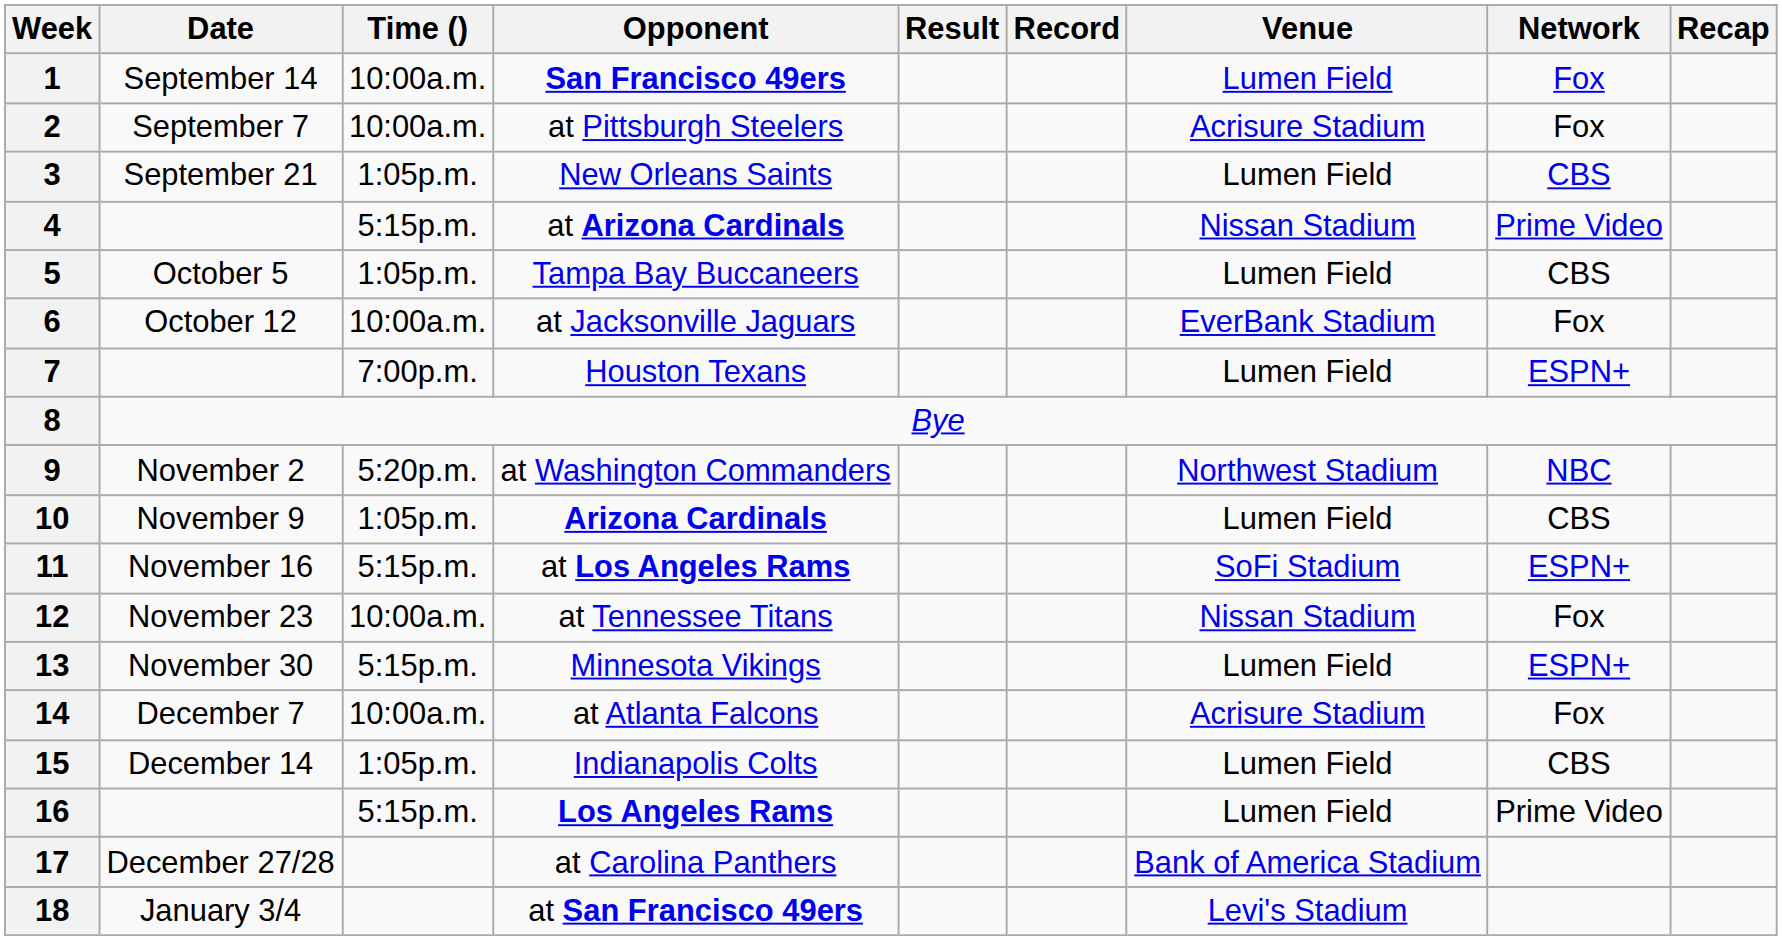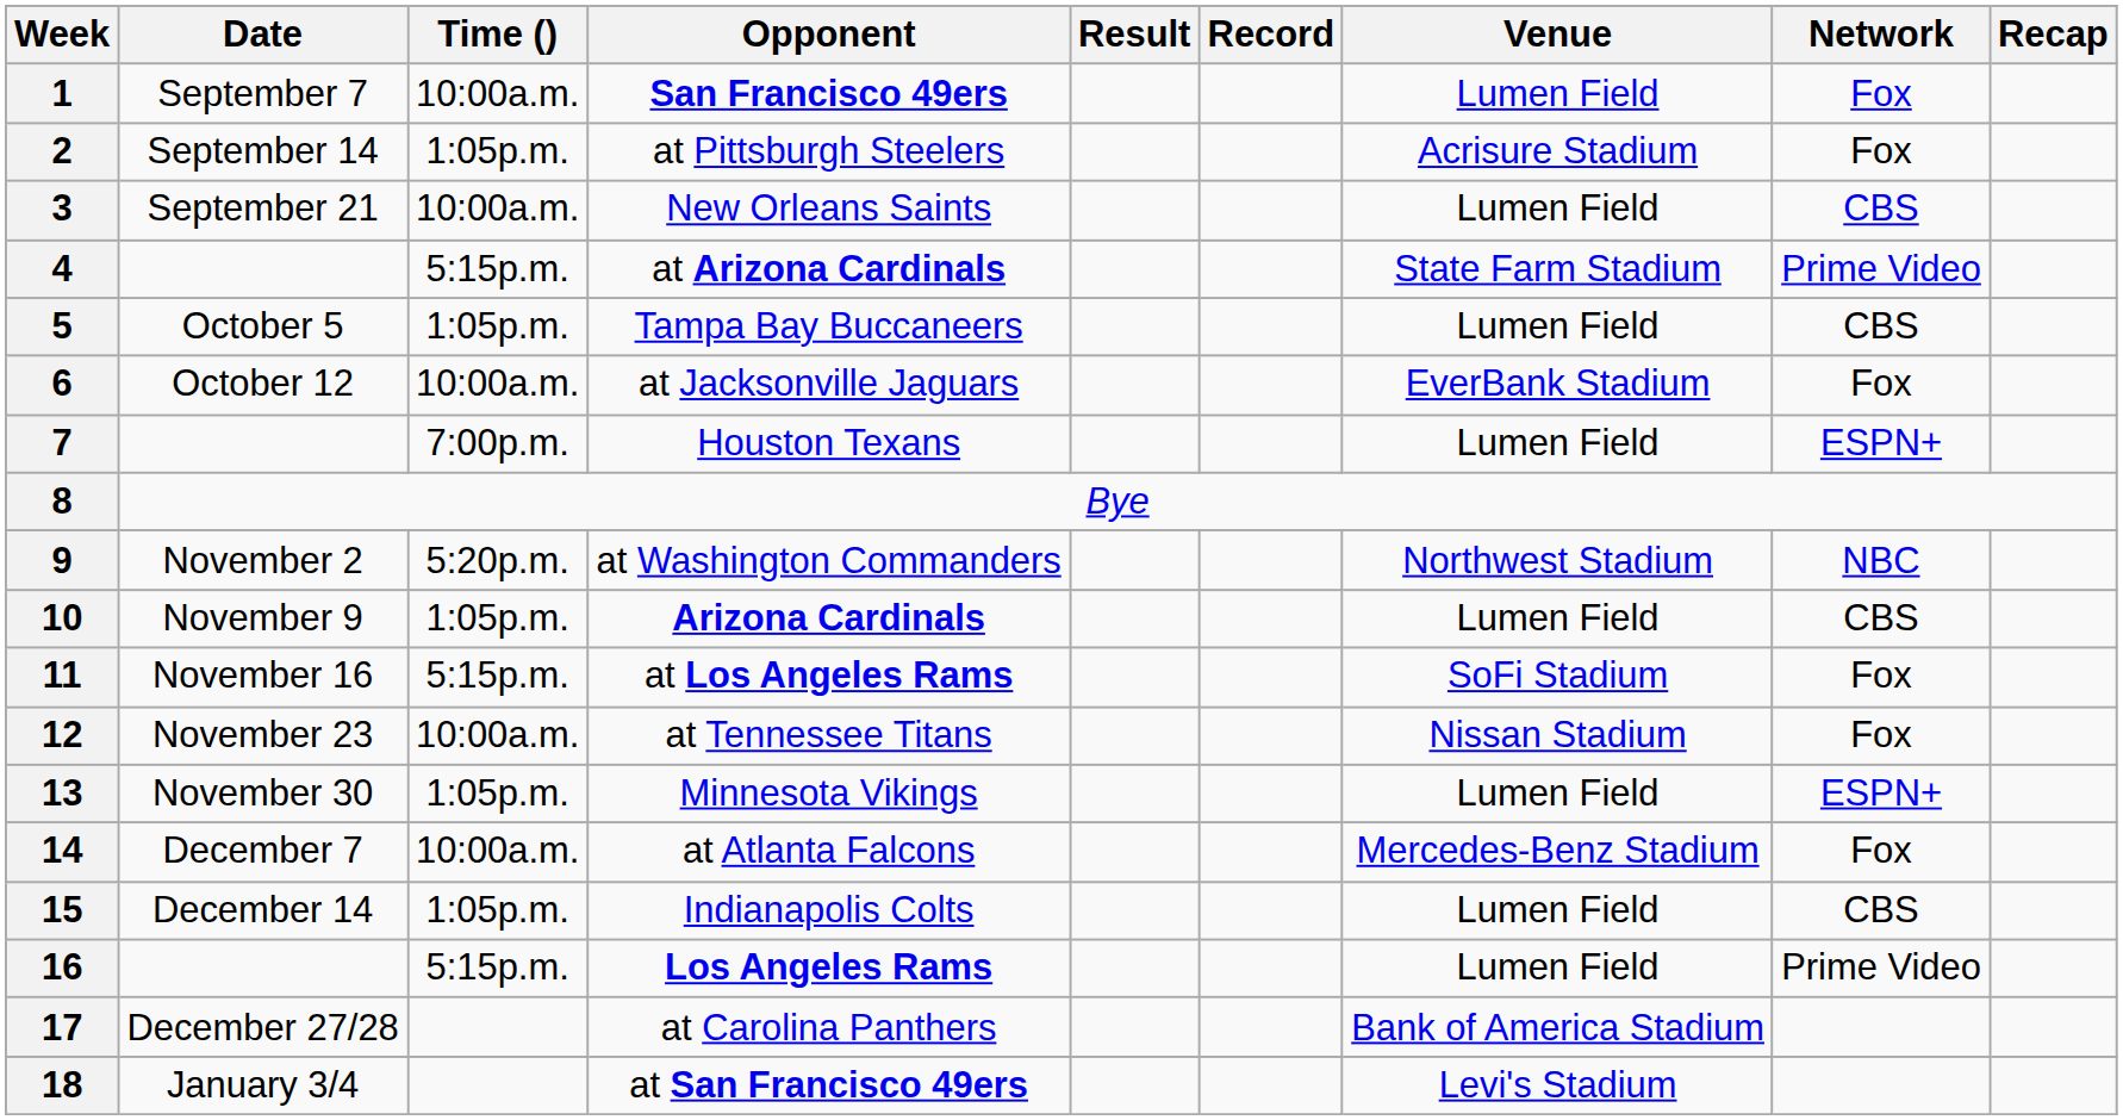 <table class="wikitable" style="text-align:center">
 <tr>
 <th>Week</th>
 <th>Date</th>
 <th>Time (<a href='#'></a>)</th>
 <th>Opponent</th>
 <th>Result</th>
 <th>Record</th>
 <th>Venue</th>
 <th>Network</th>
 <th>Recap</th>
 </tr>
 <tr>
 <th>1 </th>
-<td>September 14</td>
+<td>September 7</td>
 <td>10:00a.m.</td>
 <td><strong><a href='#'>San Francisco 49ers</a></strong></td>
 <td></td>
 <td></td>
 <td><a href='#'>Lumen Field</a></td>
 <td><a href='#'>Fox</a></td>
 <td></td>
 </tr>
 <tr>
 <th>2 </th>
-<td>September 7</td>
-<td>10:00a.m.</td>
+<td>September 14</td>
+<td>1:05p.m.</td>
 <td>at <a href='#'>Pittsburgh Steelers</a></td>
 <td></td>
 <td></td>
 <td><a href='#'>Acrisure Stadium</a></td>
 <td>Fox</td>
 <td></td>
 </tr>
 <tr>
 <th>3 </th>
 <td>September 21</td>
-<td>1:05p.m.</td>
+<td>10:00a.m.</td>
 <td><a href='#'>New Orleans Saints</a></td>
 <td></td>
 <td></td>
 <td>Lumen Field</td>
 <td><a href='#'>CBS</a></td>
 <td></td>
 </tr>
 <tr>
 <th>4 </th>
 <td></td>
 <td>5:15p.m.</td>
 <td>at <strong><a href='#'>Arizona Cardinals</a></strong></td>
 <td></td>
 <td></td>
-<td><a href='#'>Nissan Stadium</a></td>
+<td><a href='#'>State Farm Stadium</a></td>
 <td><a href='#'>Prime Video</a></td>
 <td></td>
 </tr>
 <tr>
 <th>5 </th>
 <td>October 5</td>
 <td>1:05p.m.</td>
 <td><a href='#'>Tampa Bay Buccaneers</a></td>
 <td></td>
 <td></td>
 <td>Lumen Field</td>
 <td>CBS</td>
 <td></td>
 </tr>
 <tr>
 <th>6 </th>
 <td>October 12</td>
 <td>10:00a.m.</td>
 <td>at <a href='#'>Jacksonville Jaguars</a></td>
 <td></td>
 <td></td>
 <td><a href='#'>EverBank Stadium</a></td>
 <td>Fox</td>
 <td></td>
 </tr>
 <tr>
 <th>7 </th>
 <td></td>
 <td>7:00p.m.</td>
 <td><a href='#'>Houston Texans</a></td>
 <td></td>
 <td></td>
 <td>Lumen Field</td>
 <td><a href='#'>ESPN+</a></td>
 <td></td>
 </tr>
 <tr>
 <th>8</th>
 <td colspan=8><em><a href='#'>Bye</a></em></td>
 </tr>
 <tr>
 <th>9 </th>
 <td>November 2</td>
 <td>5:20p.m.</td>
 <td>at <a href='#'>Washington Commanders</a></td>
 <td></td>
 <td></td>
 <td><a href='#'>Northwest Stadium</a></td>
 <td><a href='#'>NBC</a></td>
 <td></td>
 </tr>
 <tr>
 <th>10 </th>
 <td>November 9</td>
 <td>1:05p.m.</td>
 <td><strong><a href='#'>Arizona Cardinals</a></strong></td>
 <td></td>
 <td></td>
 <td>Lumen Field</td>
 <td>CBS</td>
 <td></td>
 </tr>
 <tr>
 <th>11 </th>
 <td>November 16</td>
 <td>5:15p.m.</td>
 <td>at <strong><a href='#'>Los Angeles Rams</a></strong></td>
 <td></td>
 <td></td>
 <td><a href='#'>SoFi Stadium</a></td>
-<td><a href='#'>ESPN+</a></td>
+<td>Fox</td>
 <td></td>
 </tr>
 <tr>
 <th>12 </th>
 <td>November 23</td>
 <td>10:00a.m.</td>
 <td>at <a href='#'>Tennessee Titans</a></td>
 <td></td>
 <td></td>
 <td><a href='#'>Nissan Stadium</a></td>
 <td>Fox</td>
 <td></td>
 </tr>
 <tr>
 <th>13 </th>
 <td>November 30</td>
-<td>5:15p.m.</td>
+<td>1:05p.m.</td>
 <td><a href='#'> Minnesota Vikings</a></td>
 <td></td>
 <td></td>
 <td>Lumen Field</td>
 <td><a href='#'>ESPN+</a></td>
 <td></td>
 </tr>
 <tr>
 <th>14 </th>
 <td>December 7</td>
 <td>10:00a.m.</td>
 <td>at <a href='#'>Atlanta Falcons</a></td>
 <td></td>
 <td></td>
-<td><a href='#'>Acrisure Stadium</a></td>
+<td><a href='#'>Mercedes-Benz Stadium</a></td>
 <td>Fox</td>
 <td></td>
 </tr>
 <tr>
 <th>15 </th>
 <td>December 14</td>
 <td>1:05p.m.</td>
 <td><a href='#'>Indianapolis Colts</a></td>
 <td></td>
 <td></td>
 <td>Lumen Field</td>
 <td>CBS</td>
 <td></td>
 </tr>
 <tr>
 <th>16 </th>
 <td></td>
 <td>5:15p.m.</td>
 <td><strong><a href='#'>Los Angeles Rams</a></strong></td>
 <td></td>
 <td></td>
 <td>Lumen Field</td>
 <td>Prime Video</td>
 <td></td>
 </tr>
 <tr>
 <th>17 </th>
 <td>December 27/28</td>
 <td></td>
 <td>at <a href='#'>Carolina Panthers</a></td>
 <td></td>
 <td></td>
 <td><a href='#'>Bank of America Stadium</a></td>
 <td></td>
 <td></td>
 </tr>
 <tr>
 <th>18 </th>
 <td>January 3/4</td>
 <td></td>
 <td>at <strong><a href='#'>San Francisco 49ers</a></strong></td>
 <td></td>
 <td></td>
 <td><a href='#'>Levi's Stadium</a></td>
 <td></td>
 <td></td>
 </tr>
 </table>
